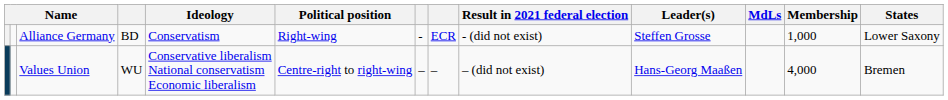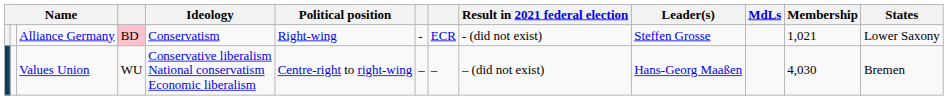 <table class="wikitable unsortable">
 <tr>
 <th colspan="3">Name</th>
 <th></th>
 <th>Ideology</th>
 <th>Political position</th>
 <th></th>
 <th></th>
 <th>Result in <a href='#'>2021 federal election</a></th>
 <th>Leader(s)</th>
 <th><a href='#'>MdLs</a></th>
 <th>Membership</th>
 <th>States</th>
 </tr>
 <tr>
 <th style="background:"></th>
 <td></td>
 <td><a href='#'>Alliance Germany</a><br></td>
-<td>BD</td>
+<td style="background: pink;">BD</td>
 <td><a href='#'>Conservatism</a></td>
 <td><a href='#'>Right-wing</a></td>
 <td>-</td>
 <td><a href='#'>ECR</a></td>
 <td>- (did not exist)</td>
 <td><a href='#'>Steffen Grosse</a></td>
 <td></td>
-<td>1,000</td>
+<td>1,021</td>
 <td>Lower Saxony</td>
 </tr>
 <tr>
 <th style="background:#0A3C5B;"></th>
 <td></td>
 <td><a href='#'>Values Union</a><br></td>
 <td>WU</td>
 <td><a href='#'>Conservative liberalism</a><br><a href='#'>National conservatism</a><br><a href='#'>Economic liberalism</a></td>
 <td><a href='#'>Centre-right</a> to <a href='#'>right-wing</a></td>
 <td>–</td>
 <td>–</td>
 <td>– (did not exist)</td>
 <td><a href='#'>Hans-Georg Maaßen</a></td>
 <td></td>
-<td>4,000</td>
+<td>4,030</td>
 <td>Bremen</td>
 </tr>
 </table>
